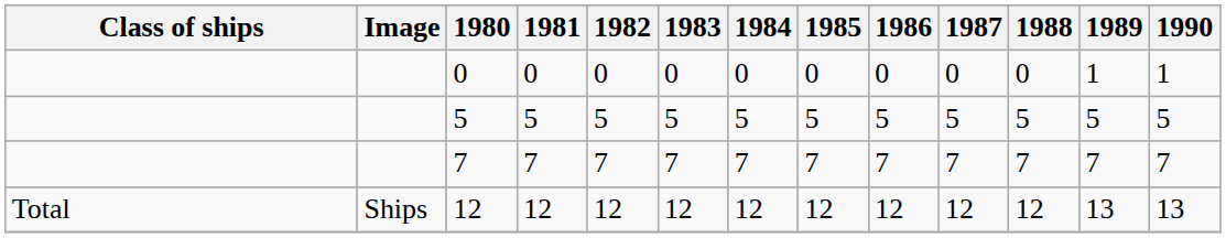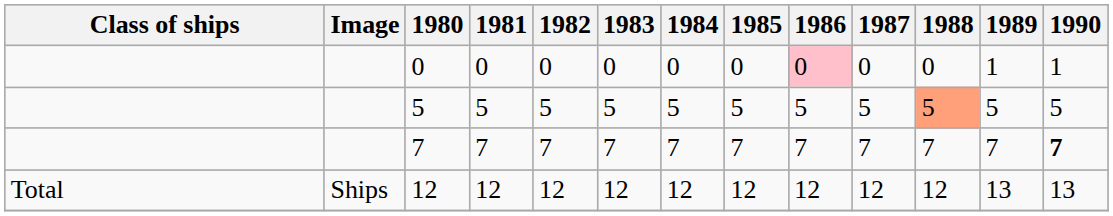 <table class="wikitable sortable collapsible collapsed">
 <tr>
 <th style="width:29%;">Class of ships</th>
 <th>Image</th>
 <th>1980</th>
 <th>1981</th>
 <th>1982</th>
 <th>1983</th>
 <th>1984</th>
 <th>1985</th>
 <th>1986</th>
 <th>1987</th>
 <th>1988</th>
 <th>1989</th>
 <th>1990</th>
 </tr>
 <tr valign="top">
 <td></td>
 <td></td>
 <td>0</td>
 <td>0</td>
 <td>0</td>
 <td>0</td>
 <td>0</td>
 <td>0</td>
-<td>0</td>
+<td style="background: pink;">0</td>
 <td>0</td>
 <td>0</td>
 <td>1</td>
 <td>1</td>
 </tr>
 <tr valign="top">
 <td></td>
 <td></td>
 <td>5</td>
 <td>5</td>
 <td>5</td>
 <td>5</td>
 <td>5</td>
 <td>5</td>
 <td>5</td>
 <td>5</td>
-<td>5</td>
+<td style="background: lightsalmon;">5</td>
 <td>5</td>
 <td>5</td>
 </tr>
 <tr valign="top">
 <td></td>
 <td></td>
 <td>7</td>
 <td>7</td>
 <td>7</td>
 <td>7</td>
 <td>7</td>
 <td>7</td>
 <td>7</td>
 <td>7</td>
 <td>7</td>
 <td>7</td>
-<td>7</td>
+<td><strong>7</strong></td>
 </tr>
 <tr valign="top">
 <td>Total</td>
 <td>Ships</td>
 <td>12</td>
 <td>12</td>
 <td>12</td>
 <td>12</td>
 <td>12</td>
 <td>12</td>
 <td>12</td>
 <td>12</td>
 <td>12</td>
 <td>13</td>
 <td>13</td>
 </tr>
 <tr>
 </tr>
 </table>
